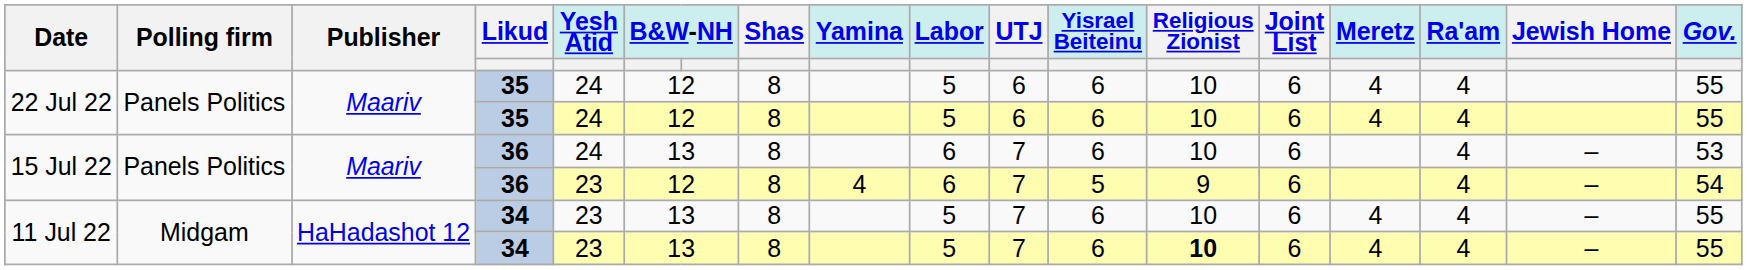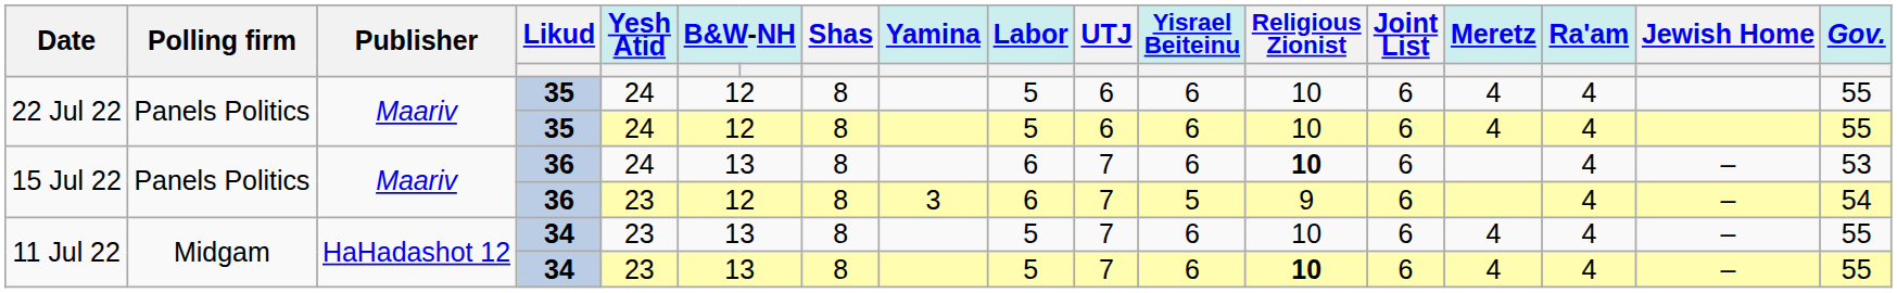 <table class="wikitable sortable" style=text-align:center;font-size:90%;line-height:12px>
 <tr>
 <th rowspan=2>Date</th>
 <th rowspan=2>Polling firm</th>
 <th rowspan=2>Publisher</th>
 <th><a href='#'>Likud</a></th>
 <th style=background:#cee><a href='#'>Yesh<br>Atid</a></th>
 <th style=background:#cee colspan=2><a href='#'>B&W</a>-<a href='#'>NH</a></th>
 <th><a href='#'>Shas</a></th>
 <th style=background:#cee><a href='#'>Yamina</a></th>
 <th style=background:#cee><a href='#'>Labor</a></th>
 <th><a href='#'>UTJ</a></th>
 <th style="background:#cee; font-size:90%"><a href='#'>Yisrael<br>Beiteinu</a></th>
 <th style=font-size:90%><a href='#'>Religious<br>Zionist</a></th>
 <th><a href='#'>Joint<br>List</a></th>
 <th style=background:#cee><a href='#'>Meretz</a></th>
 <th style=background:#cee><a href='#'>Ra'am</a></th>
 <th><a href='#'>Jewish Home</a></th>
 <th style=background:#cee><a href='#'><em>Gov.</em></a></th>
 </tr>
 <tr>
 <th style=background:></th>
 <th style=background:></th>
 <th style=background:></th>
 <th style=background:></th>
 <th style=background:></th>
 <th style=background:></th>
 <th style=background:></th>
 <th style=background:></th>
 <th style=background:></th>
 <th style=background:></th>
 <th style=background:></th>
 <th style=background:></th>
 <th style=background:></th>
 <th style=background:></th>
 <th style=background:></th>
 </tr>
 <tr>
 <td rowspan="2">22 Jul 22</td>
 <td rowspan="2">Panels Politics</td>
 <td rowspan="2"><em><a href='#'>Maariv</a></em></td>
 <td style=background:#BBCDE4><strong>35</strong></td>
 <td>24</td>
 <td colspan="2">12</td>
 <td>8</td>
 <td></td>
 <td>5</td>
 <td>6</td>
 <td>6</td>
 <td>10</td>
 <td>6</td>
 <td>4</td>
 <td>4</td>
 <td></td>
 <td>55</td>
 </tr>
 <tr style="background:#fffdb0">
 <td style=background:#BBCDE4><strong>35</strong></td>
 <td>24</td>
 <td colspan="2">12</td>
 <td>8</td>
 <td></td>
 <td>5</td>
 <td>6</td>
 <td>6</td>
 <td>10</td>
 <td>6</td>
 <td>4</td>
 <td>4</td>
 <td></td>
 <td>55</td>
 </tr>
 <tr>
 <td rowspan="2" data-sort-value="2022-07-15">15 Jul 22</td>
 <td rowspan="2">Panels Politics</td>
 <td rowspan="2"><em><a href='#'>Maariv</a></em></td>
 <td style="background:#BBCDE4"><strong>36</strong></td>
 <td>24</td>
 <td colspan="2">13</td>
 <td>8</td>
 <td></td>
 <td>6</td>
 <td>7</td>
 <td>6</td>
-<td>10</td>
+<td><strong>10</strong></td>
 <td>6</td>
 <td></td>
 <td>4</td>
 <td>–</td>
 <td>53</td>
 </tr>
 <tr style="background:#fffdb0">
 <td style="background:#BBCDE4"><strong>36</strong></td>
 <td>23</td>
 <td colspan="2">12</td>
 <td>8</td>
-<td>4</td>
+<td>3</td>
 <td>6</td>
 <td>7</td>
 <td>5</td>
 <td>9</td>
 <td>6</td>
 <td></td>
 <td>4</td>
 <td>–</td>
 <td>54</td>
 </tr>
 <tr>
 <td rowspan="2" data-sort-value="2022-07-11">11 Jul 22</td>
 <td rowspan="2">Midgam</td>
 <td rowspan="2"><a href='#'>HaHadashot 12</a></td>
 <td style="background:#BBCDE4"><strong>34</strong></td>
 <td>23</td>
 <td colspan="2">13</td>
 <td>8</td>
 <td></td>
 <td>5</td>
 <td>7</td>
 <td>6</td>
 <td>10</td>
 <td>6</td>
 <td>4</td>
 <td>4</td>
 <td>–</td>
 <td>55</td>
 </tr>
 <tr style="background:#fffdb0">
 <td style="background:#BBCDE4"><strong>34</strong></td>
 <td>23</td>
 <td colspan="2">13</td>
 <td>8</td>
 <td></td>
 <td>5</td>
 <td>7</td>
 <td>6</td>
 <td><strong>10</strong></td>
 <td>6</td>
 <td>4</td>
 <td>4</td>
 <td>–</td>
 <td>55</td>
 </tr>
 </table>
